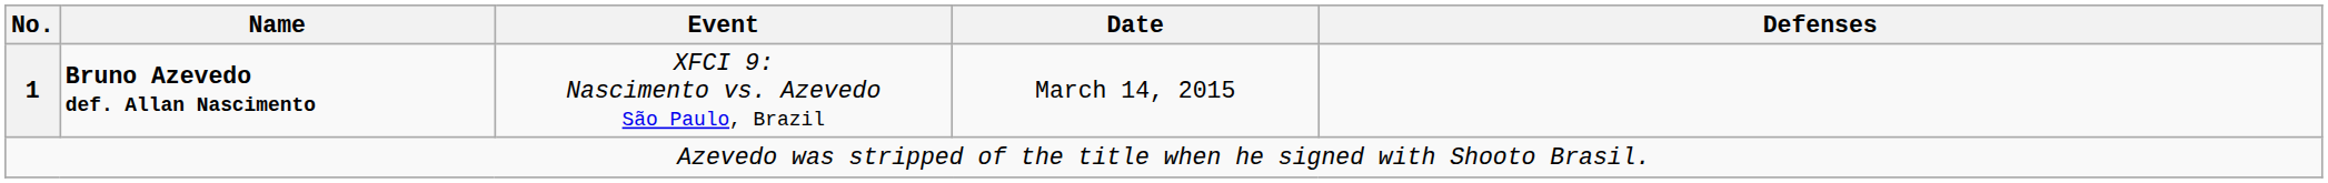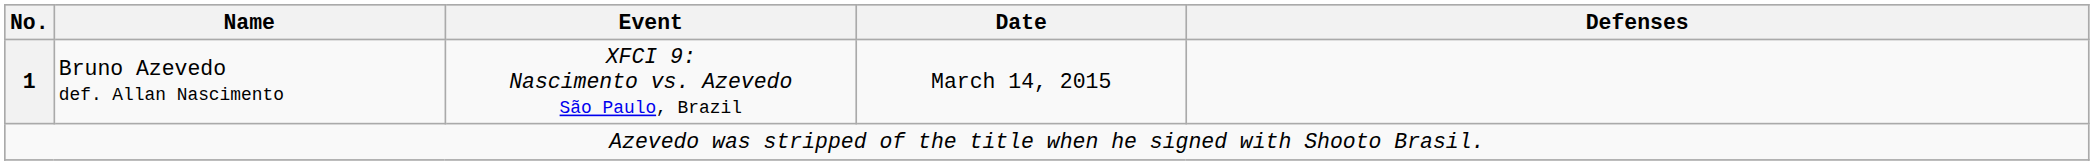 <table class="wikitable" width=100%>
 <tr>
 <th width=1%>No.</th>
 <th width=19%>Name</th>
 <th width=20%>Event</th>
 <th width=16%>Date</th>
 <th width=44%>Defenses</th>
 </tr>
 <tr>
 <th>1</th>
-<td align=left><strong> Bruno Azevedo<br><small>def. Allan Nascimento</small></strong></td>
+<td align=left> Bruno Azevedo<br><small>def. Allan Nascimento</small></td>
 <td align=center><em>XFCI 9:</em><br><em>Nascimento vs. Azevedo</em><br><small><a href='#'>São Paulo</a>, Brazil</small></td>
 <td align=center>March 14, 2015</td>
 <td></td>
 </tr>
 <tr>
 <td align="center" colspan="5"><em>Azevedo was stripped of the title when he signed with Shooto Brasil.</em></td>
 </tr>
 </table>
